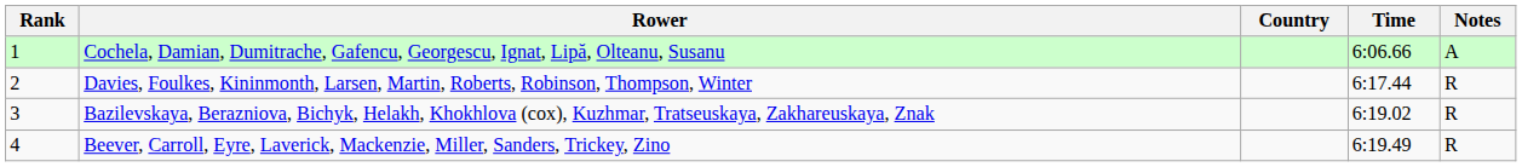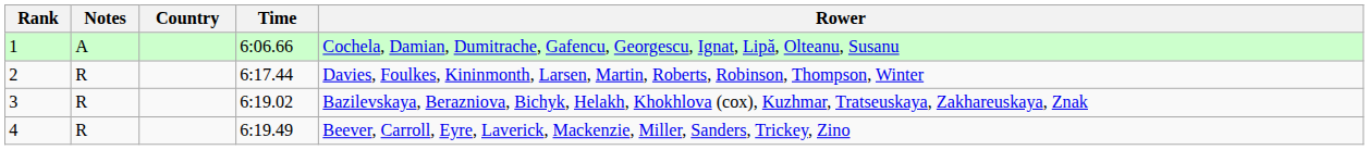 <table class="wikitable sortable" width=78%>
 <tr>
 <th>Rank</th>
-<th>Rower</th>
+<th>Notes</th>
 <th>Country</th>
 <th>Time</th>
-<th>Notes</th>
+<th>Rower</th>
 </tr>
 <tr bgcolor=ccffcc>
 <td>1</td>
-<td><a href='#'>Cochela</a>, <a href='#'>Damian</a>, <a href='#'>Dumitrache</a>, <a href='#'>Gafencu</a>, <a href='#'>Georgescu</a>, <a href='#'>Ignat</a>, <a href='#'>Lipă</a>, <a href='#'>Olteanu</a>, <a href='#'>Susanu</a></td>
+<td>A</td>
 <td></td>
 <td>6:06.66</td>
-<td>A</td>
+<td><a href='#'>Cochela</a>, <a href='#'>Damian</a>, <a href='#'>Dumitrache</a>, <a href='#'>Gafencu</a>, <a href='#'>Georgescu</a>, <a href='#'>Ignat</a>, <a href='#'>Lipă</a>, <a href='#'>Olteanu</a>, <a href='#'>Susanu</a></td>
 </tr>
 <tr>
 <td>2</td>
-<td><a href='#'>Davies</a>, <a href='#'>Foulkes</a>, <a href='#'>Kininmonth</a>, <a href='#'>Larsen</a>, <a href='#'>Martin</a>, <a href='#'>Roberts</a>, <a href='#'>Robinson</a>, <a href='#'>Thompson</a>, <a href='#'>Winter</a></td>
+<td>R</td>
 <td></td>
 <td>6:17.44</td>
-<td>R</td>
+<td><a href='#'>Davies</a>, <a href='#'>Foulkes</a>, <a href='#'>Kininmonth</a>, <a href='#'>Larsen</a>, <a href='#'>Martin</a>, <a href='#'>Roberts</a>, <a href='#'>Robinson</a>, <a href='#'>Thompson</a>, <a href='#'>Winter</a></td>
 </tr>
 <tr>
 <td>3</td>
-<td><a href='#'>Bazilevskaya</a>, <a href='#'>Berazniova</a>, <a href='#'>Bichyk</a>, <a href='#'>Helakh</a>, <a href='#'>Khokhlova</a> (cox), <a href='#'>Kuzhmar</a>, <a href='#'>Tratseuskaya</a>, <a href='#'>Zakhareuskaya</a>, <a href='#'>Znak</a></td>
+<td>R</td>
 <td></td>
 <td>6:19.02</td>
-<td>R</td>
+<td><a href='#'>Bazilevskaya</a>, <a href='#'>Berazniova</a>, <a href='#'>Bichyk</a>, <a href='#'>Helakh</a>, <a href='#'>Khokhlova</a> (cox), <a href='#'>Kuzhmar</a>, <a href='#'>Tratseuskaya</a>, <a href='#'>Zakhareuskaya</a>, <a href='#'>Znak</a></td>
 </tr>
 <tr>
 <td>4</td>
-<td><a href='#'>Beever</a>, <a href='#'>Carroll</a>, <a href='#'>Eyre</a>, <a href='#'>Laverick</a>, <a href='#'>Mackenzie</a>, <a href='#'>Miller</a>, <a href='#'>Sanders</a>, <a href='#'>Trickey</a>, <a href='#'>Zino</a></td>
+<td>R</td>
 <td></td>
 <td>6:19.49</td>
-<td>R</td>
+<td><a href='#'>Beever</a>, <a href='#'>Carroll</a>, <a href='#'>Eyre</a>, <a href='#'>Laverick</a>, <a href='#'>Mackenzie</a>, <a href='#'>Miller</a>, <a href='#'>Sanders</a>, <a href='#'>Trickey</a>, <a href='#'>Zino</a></td>
 </tr>
 </table>
